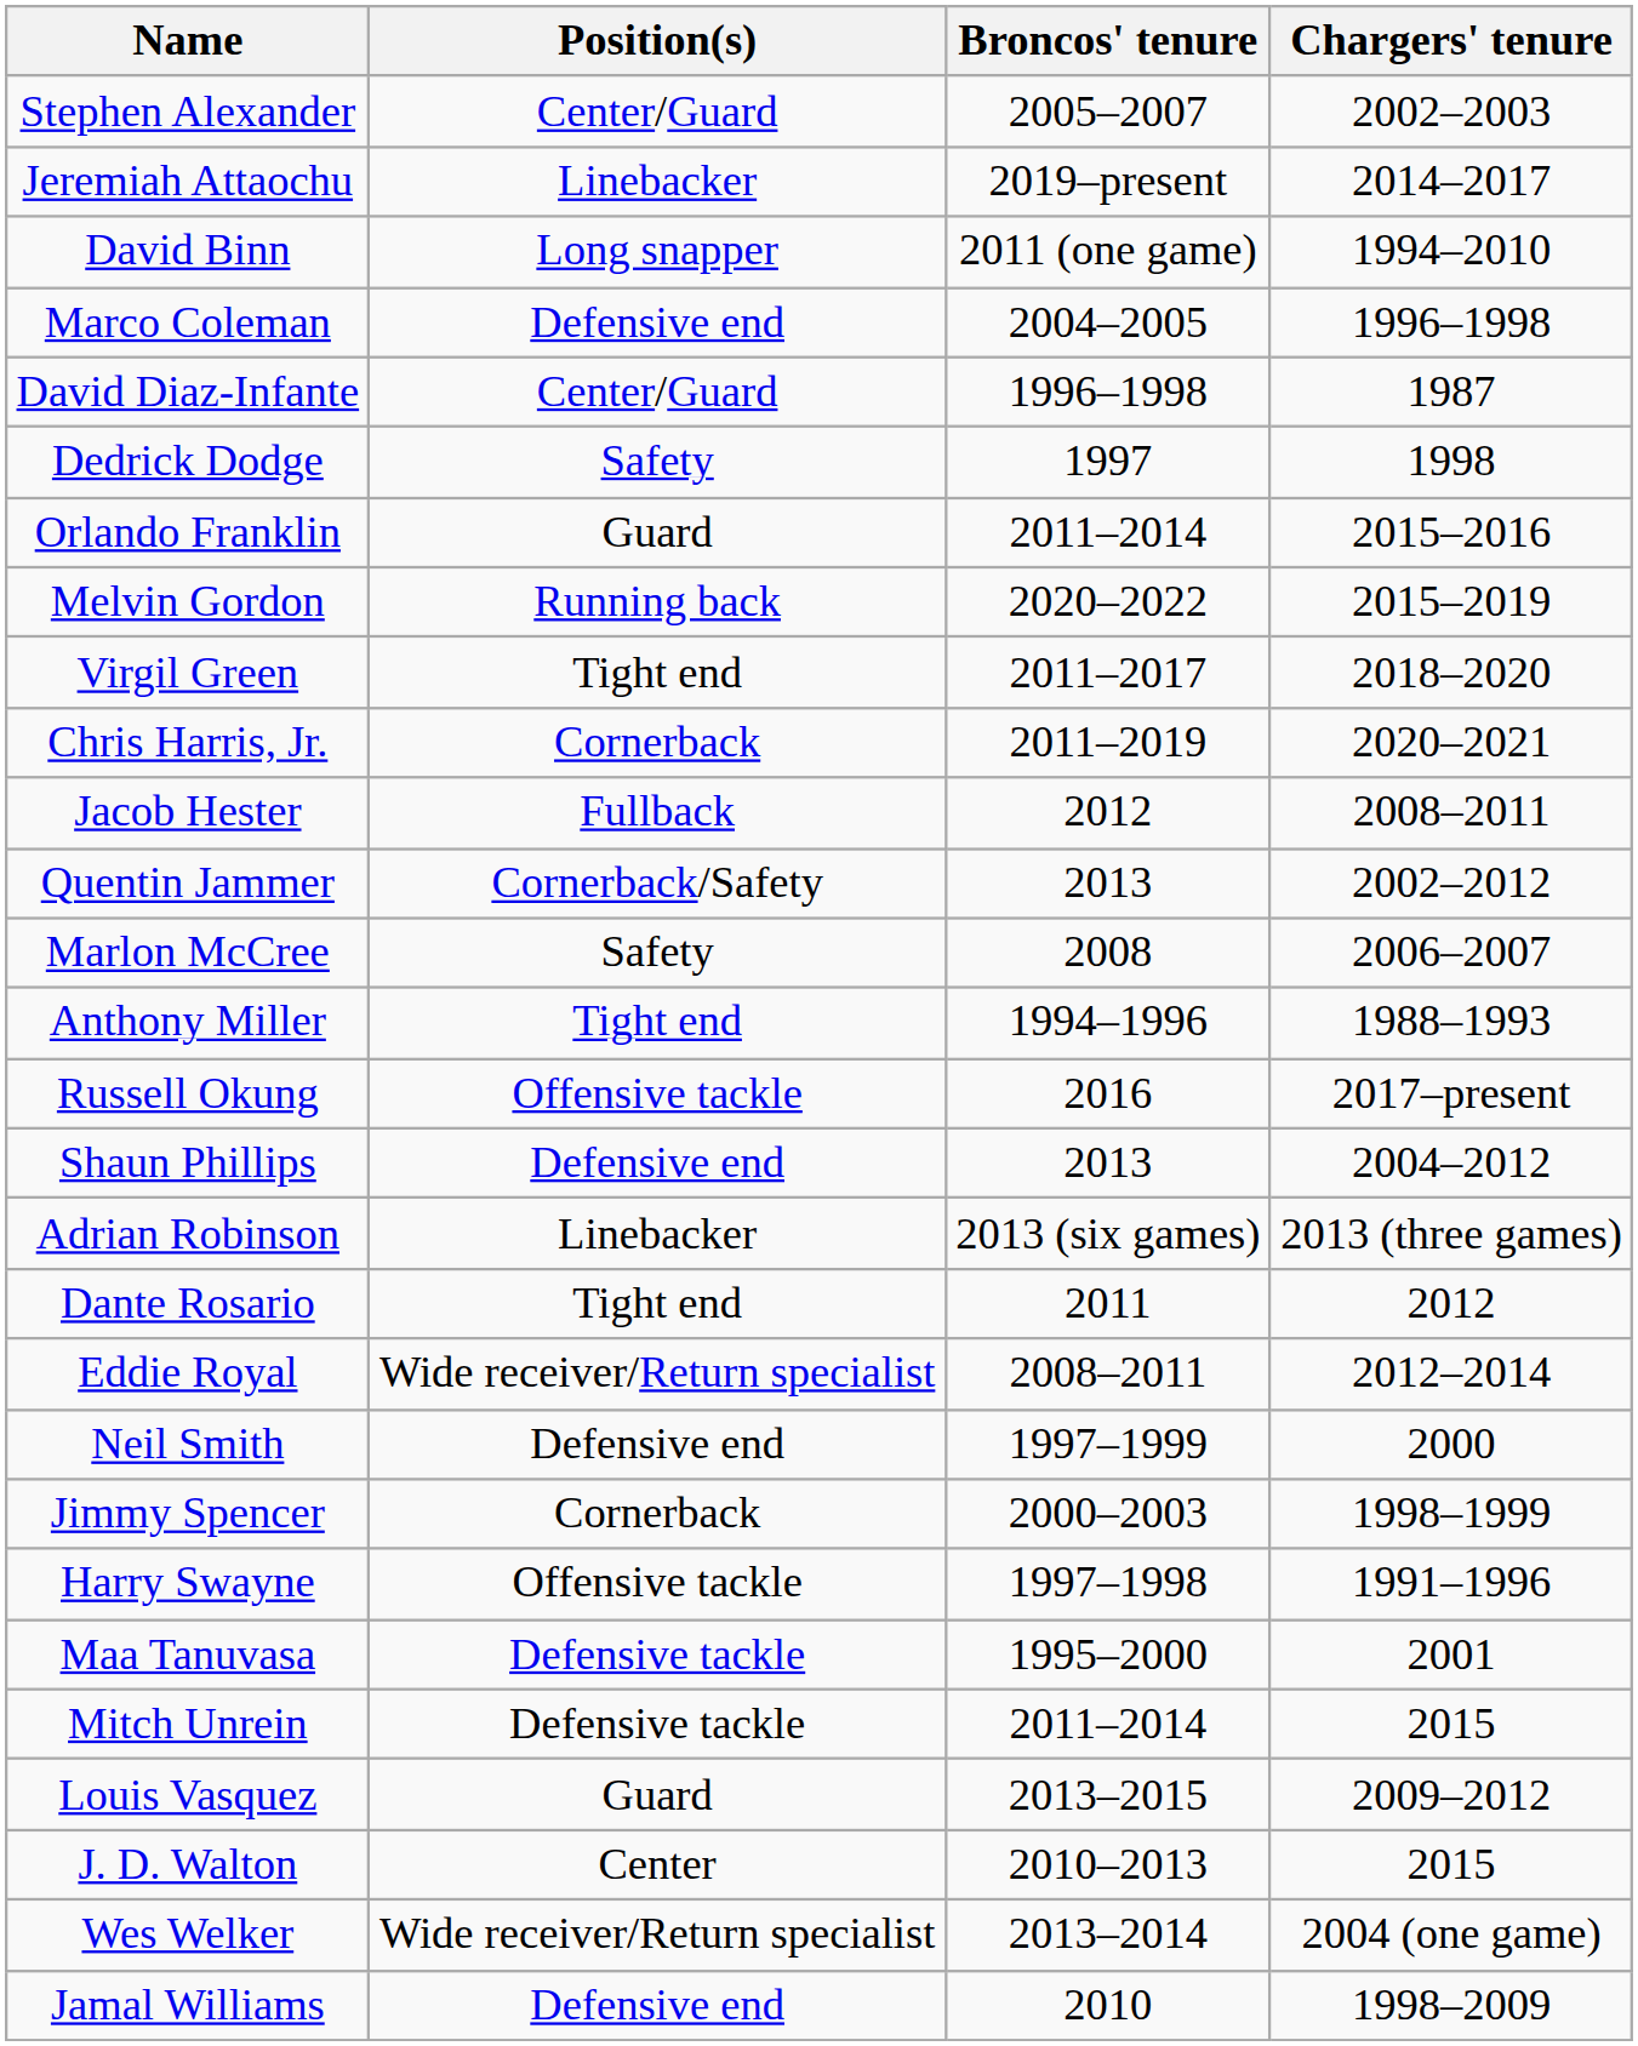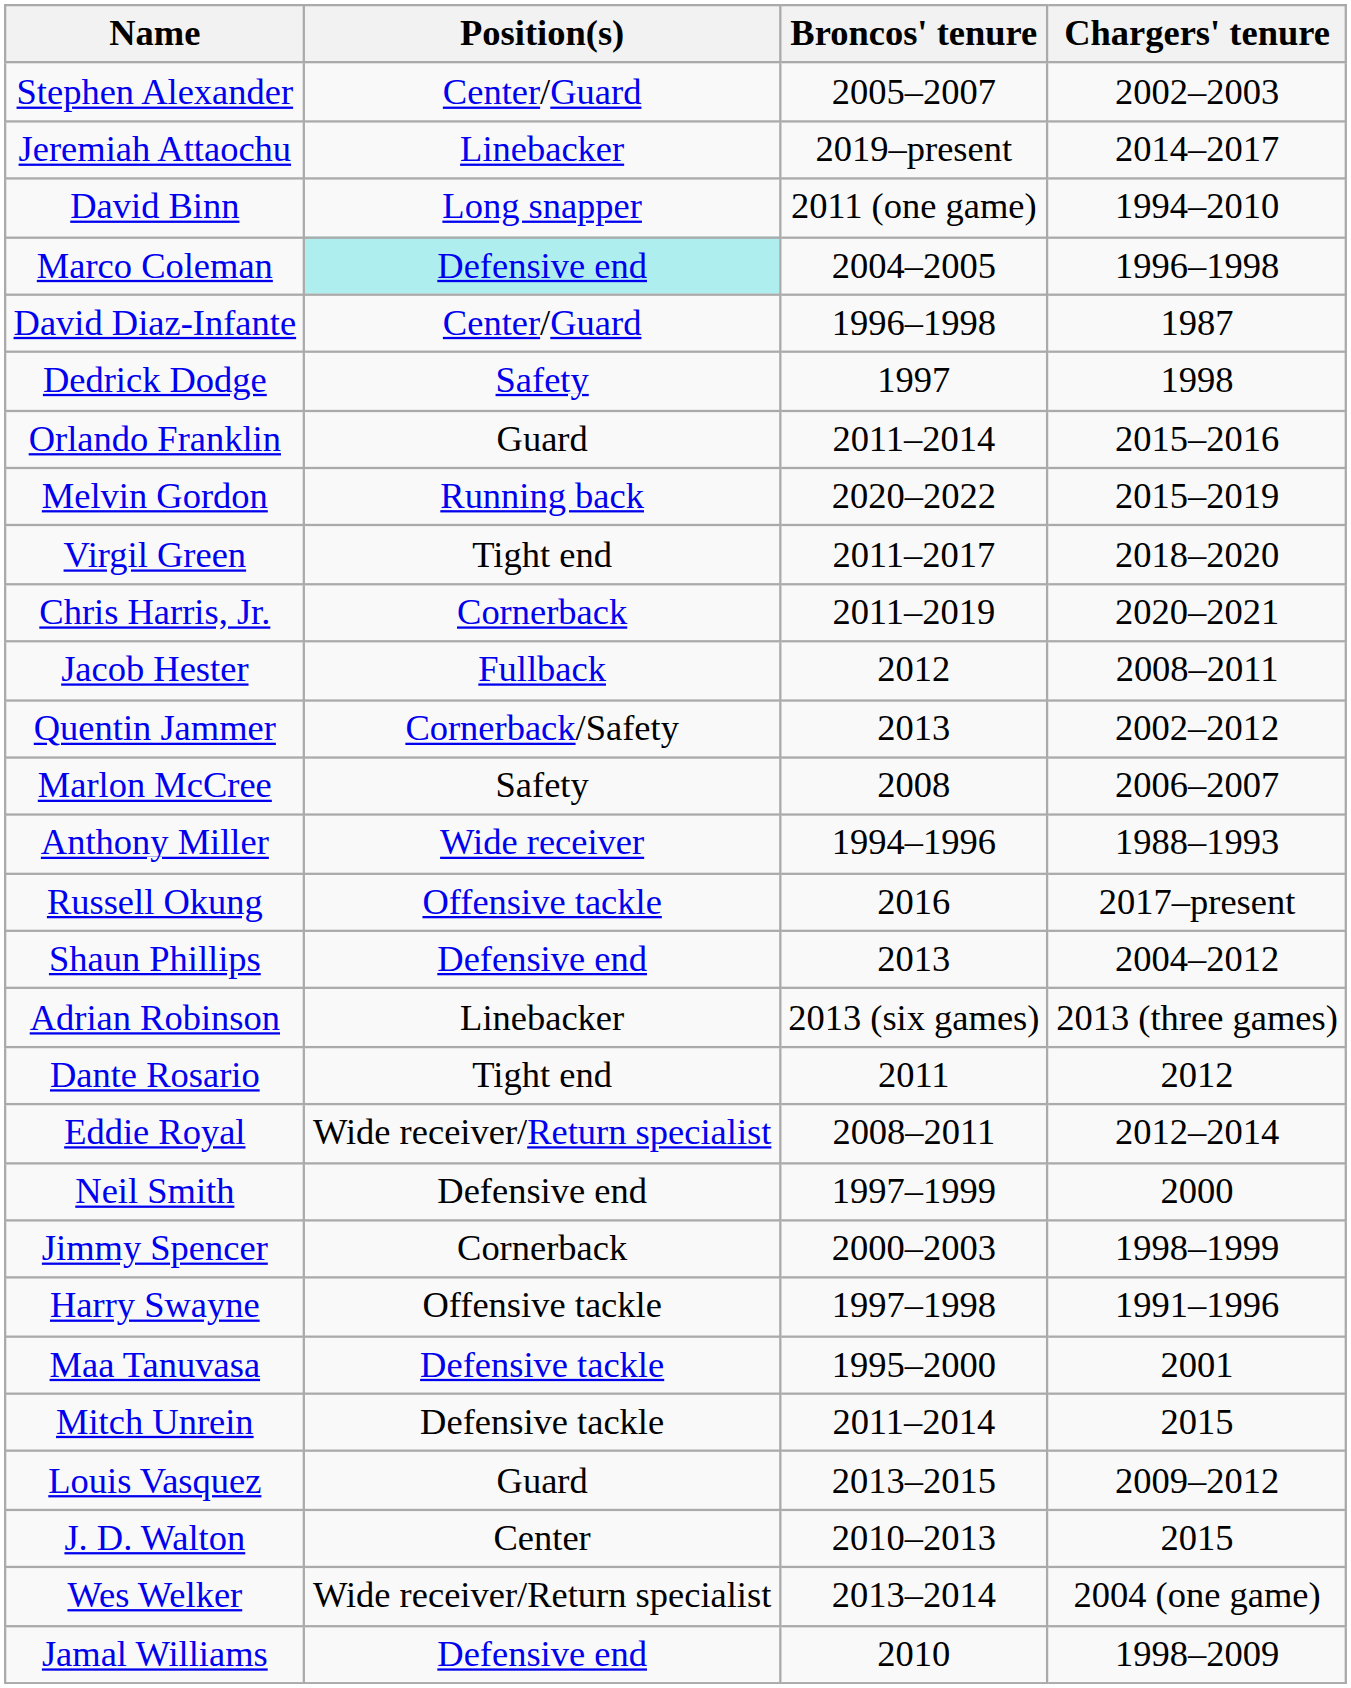 <table class="wikitable" style="text-align: center">
 <tr>
 <th>Name</th>
 <th>Position(s)</th>
 <th>Broncos' tenure</th>
 <th>Chargers' tenure</th>
 </tr>
 <tr>
 <td><a href='#'>Stephen Alexander</a></td>
 <td><a href='#'>Center</a>/<a href='#'>Guard</a></td>
 <td>2005–2007</td>
 <td>2002–2003</td>
 </tr>
 <tr>
 <td><a href='#'>Jeremiah Attaochu</a></td>
 <td><a href='#'>Linebacker</a></td>
 <td>2019–present</td>
 <td>2014–2017</td>
 </tr>
 <tr>
 <td><a href='#'>David Binn</a></td>
 <td><a href='#'>Long snapper</a></td>
 <td>2011 (one game)</td>
 <td>1994–2010</td>
 </tr>
 <tr>
 <td><a href='#'>Marco Coleman</a></td>
-<td><a href='#'>Defensive end</a></td>
+<td style="background: paleturquoise;"><a href='#'>Defensive end</a></td>
 <td>2004–2005</td>
 <td>1996–1998</td>
 </tr>
 <tr>
 <td><a href='#'>David Diaz-Infante</a></td>
 <td><a href='#'>Center</a>/<a href='#'>Guard</a></td>
 <td>1996–1998</td>
 <td>1987</td>
 </tr>
 <tr>
 <td><a href='#'>Dedrick Dodge</a></td>
 <td><a href='#'>Safety</a></td>
 <td>1997</td>
 <td>1998</td>
 </tr>
 <tr>
 <td><a href='#'>Orlando Franklin</a></td>
 <td>Guard</td>
 <td>2011–2014</td>
 <td>2015–2016</td>
 </tr>
 <tr>
 <td><a href='#'>Melvin Gordon</a></td>
 <td><a href='#'>Running back</a></td>
 <td>2020–2022</td>
 <td>2015–2019</td>
 </tr>
 <tr>
 <td><a href='#'>Virgil Green</a></td>
 <td>Tight end</td>
 <td>2011–2017</td>
 <td>2018–2020</td>
 </tr>
 <tr>
 <td><a href='#'>Chris Harris, Jr.</a></td>
 <td><a href='#'>Cornerback</a></td>
 <td>2011–2019</td>
 <td>2020–2021</td>
 </tr>
 <tr>
 <td><a href='#'>Jacob Hester</a></td>
 <td><a href='#'>Fullback</a></td>
 <td>2012</td>
 <td>2008–2011</td>
 </tr>
 <tr>
 <td><a href='#'>Quentin Jammer</a></td>
 <td><a href='#'>Cornerback</a>/Safety</td>
 <td>2013</td>
 <td>2002–2012</td>
 </tr>
 <tr>
 <td><a href='#'>Marlon McCree</a></td>
 <td>Safety</td>
 <td>2008</td>
 <td>2006–2007</td>
 </tr>
 <tr>
 <td><a href='#'>Anthony Miller</a></td>
-<td><a href='#'>Tight end</a></td>
+<td><a href='#'>Wide receiver</a></td>
 <td>1994–1996</td>
 <td>1988–1993</td>
 </tr>
 <tr>
 <td><a href='#'>Russell Okung</a></td>
 <td><a href='#'>Offensive tackle</a></td>
 <td>2016</td>
 <td>2017–present</td>
 </tr>
 <tr>
 <td><a href='#'>Shaun Phillips</a></td>
 <td><a href='#'>Defensive end</a></td>
 <td>2013</td>
 <td>2004–2012</td>
 </tr>
 <tr>
 <td><a href='#'>Adrian Robinson</a></td>
 <td>Linebacker</td>
 <td>2013 (six games)</td>
 <td>2013 (three games)</td>
 </tr>
 <tr>
 <td><a href='#'>Dante Rosario</a></td>
 <td>Tight end</td>
 <td>2011</td>
 <td>2012</td>
 </tr>
 <tr>
 <td><a href='#'>Eddie Royal</a></td>
 <td>Wide receiver/<a href='#'>Return specialist</a></td>
 <td>2008–2011</td>
 <td>2012–2014</td>
 </tr>
 <tr>
 <td><a href='#'>Neil Smith</a></td>
 <td>Defensive end</td>
 <td>1997–1999</td>
 <td>2000</td>
 </tr>
 <tr>
 <td><a href='#'>Jimmy Spencer</a></td>
 <td>Cornerback</td>
 <td>2000–2003</td>
 <td>1998–1999</td>
 </tr>
 <tr>
 <td><a href='#'>Harry Swayne</a></td>
 <td>Offensive tackle</td>
 <td>1997–1998</td>
 <td>1991–1996</td>
 </tr>
 <tr>
 <td><a href='#'>Maa Tanuvasa</a></td>
 <td><a href='#'>Defensive tackle</a></td>
 <td>1995–2000</td>
 <td>2001</td>
 </tr>
 <tr>
 <td><a href='#'>Mitch Unrein</a></td>
 <td>Defensive tackle</td>
 <td>2011–2014</td>
 <td>2015</td>
 </tr>
 <tr>
 <td><a href='#'>Louis Vasquez</a></td>
 <td>Guard</td>
 <td>2013–2015</td>
 <td>2009–2012</td>
 </tr>
 <tr>
 <td><a href='#'>J. D. Walton</a></td>
 <td>Center</td>
 <td>2010–2013</td>
 <td>2015</td>
 </tr>
 <tr>
 <td><a href='#'>Wes Welker</a></td>
 <td>Wide receiver/Return specialist</td>
 <td>2013–2014</td>
 <td>2004 (one game)</td>
 </tr>
 <tr>
 <td><a href='#'>Jamal Williams</a></td>
 <td><a href='#'>Defensive end</a></td>
 <td>2010</td>
 <td>1998–2009</td>
 </tr>
 </table>
